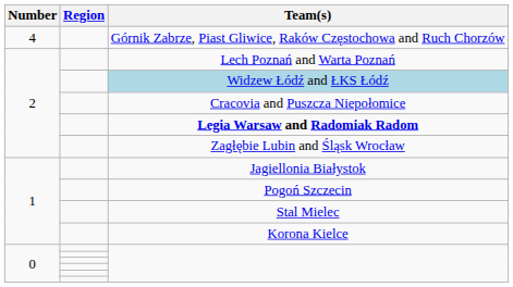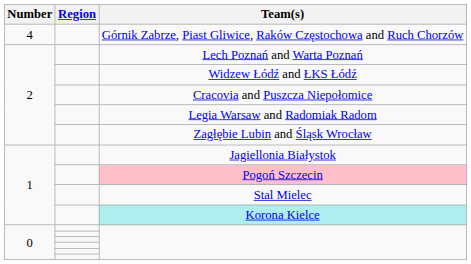 <table class="wikitable" style="text-align:center">
 <tr>
 <th>Number</th>
 <th><a href='#'>Region</a></th>
 <th>Team(s)</th>
 </tr>
 <tr>
 <td rowspan="1">4</td>
 <td style="text-align:left"></td>
 <td><a href='#'>Górnik Zabrze</a>, <a href='#'>Piast Gliwice</a>, <a href='#'>Raków Częstochowa</a> and <a href='#'>Ruch Chorzów</a></td>
 </tr>
 <tr>
 <td rowspan="5">2</td>
 <td style="text-align:left"></td>
 <td><a href='#'>Lech Poznań</a> and <a href='#'>Warta Poznań</a></td>
 </tr>
 <tr>
 <td style="text-align:left"></td>
-<td style="background: lightblue;"><a href='#'>Widzew Łódź</a> and <a href='#'>ŁKS Łódź</a></td>
+<td><a href='#'>Widzew Łódź</a> and <a href='#'>ŁKS Łódź</a></td>
 </tr>
 <tr>
 <td style="text-align:left"></td>
 <td><a href='#'>Cracovia</a> and <a href='#'>Puszcza Niepołomice</a></td>
 </tr>
 <tr>
 <td style="text-align:left"></td>
-<td><strong><a href='#'>Legia Warsaw</a> and <a href='#'>Radomiak Radom</a></strong></td>
+<td><a href='#'>Legia Warsaw</a> and <a href='#'>Radomiak Radom</a></td>
 </tr>
 <tr>
 <td style="text-align:left"></td>
 <td><a href='#'>Zagłębie Lubin</a> and <a href='#'>Śląsk Wrocław</a></td>
 </tr>
 <tr>
 <td rowspan="4">1</td>
 <td style="text-align:left"></td>
 <td><a href='#'>Jagiellonia Białystok</a></td>
 </tr>
 <tr>
 <td style="text-align:left"></td>
-<td><a href='#'>Pogoń Szczecin</a></td>
+<td style="background: pink;"><a href='#'>Pogoń Szczecin</a></td>
 </tr>
 <tr>
 <td style="text-align:left"></td>
 <td><a href='#'>Stal Mielec</a></td>
 </tr>
 <tr>
 <td style="text-align:left"></td>
-<td><a href='#'>Korona Kielce</a></td>
+<td style="background: paleturquoise;"><a href='#'>Korona Kielce</a></td>
 </tr>
 <tr>
 <td rowspan="6">0</td>
 <td style="text-align:left"></td>
 </tr>
 <tr>
 <td style="text-align:left"></td>
 </tr>
 <tr>
 <td style="text-align:left"></td>
 </tr>
 <tr>
 <td style="text-align:left"></td>
 </tr>
 <tr>
 <td style="text-align:left"></td>
 </tr>
 <tr>
 <td style="text-align:left"></td>
 </tr>
 </table>
